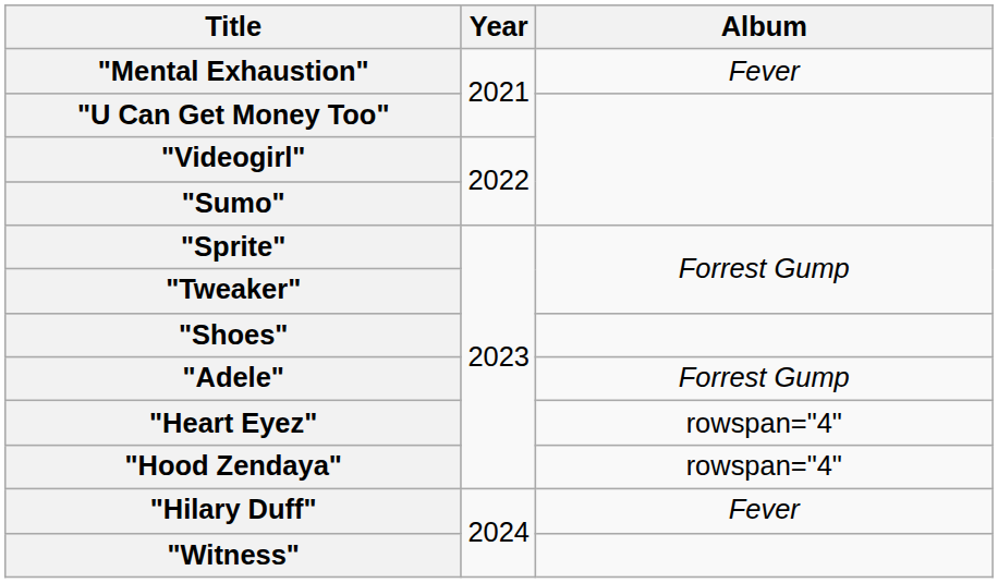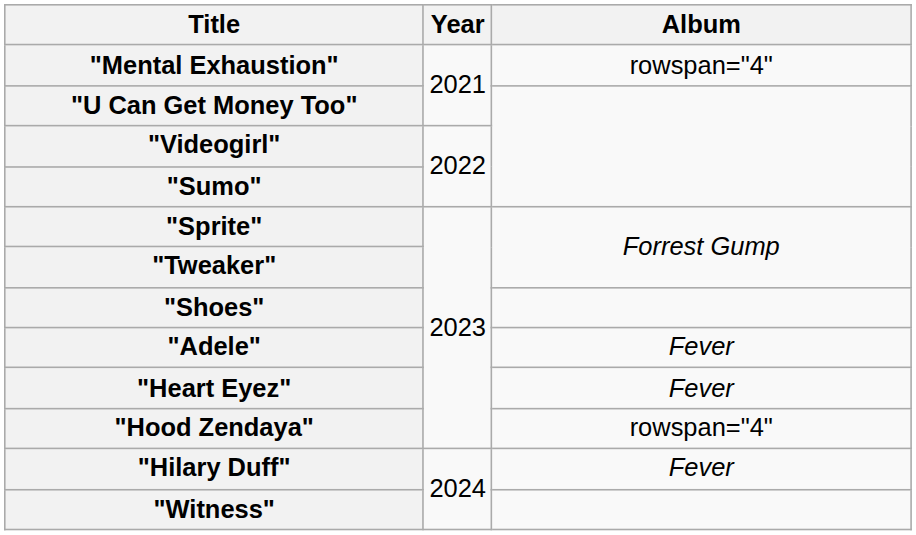 <table class="wikitable plainrowheaders" style="text-align:center;">
 <tr>
 <th scope="col" style="width:16em;">Title</th>
 <th scope="col" style="width:1em;">Year</th>
 <th scope="col" style="width:16em;">Album</th>
 </tr>
 <tr>
 <th scope="row">"Mental Exhaustion"</th>
 <td rowspan="2">2021</td>
-<td><em>Fever</em></td>
+<td>rowspan="4" </td>
 </tr>
 <tr>
 <th scope="row">"U Can Get Money Too"</th>
 </tr>
 <tr>
 <th scope="row">"Videogirl"</th>
 <td rowspan="2">2022</td>
 </tr>
 <tr>
 <th scope="row">"Sumo"<br></th>
 </tr>
 <tr>
 <th scope="row">"Sprite"<br></th>
 <td rowspan="6">2023</td>
 <td rowspan="2"><em>Forrest Gump</em></td>
 </tr>
 <tr>
 <th scope="row">"Tweaker"</th>
 </tr>
 <tr>
 <th scope="row">"Shoes"</th>
 <td></td>
 </tr>
 <tr>
 <th scope="row">"Adele"</th>
-<td><em>Forrest Gump</em></td>
+<td><em>Fever</em></td>
 </tr>
 <tr>
 <th scope="row">"Heart Eyez"<br></th>
-<td>rowspan="4" </td>
+<td><em>Fever</em></td>
 </tr>
 <tr>
 <th scope="row">"Hood Zendaya"</th>
 <td>rowspan="4" </td>
 </tr>
 <tr>
 <th scope="row">"Hilary Duff"<br></th>
 <td rowspan="2">2024</td>
 <td><em>Fever</em></td>
 </tr>
 <tr>
 <th scope="row">"Witness"<br></th>
 <td></td>
 </tr>
 </table>
